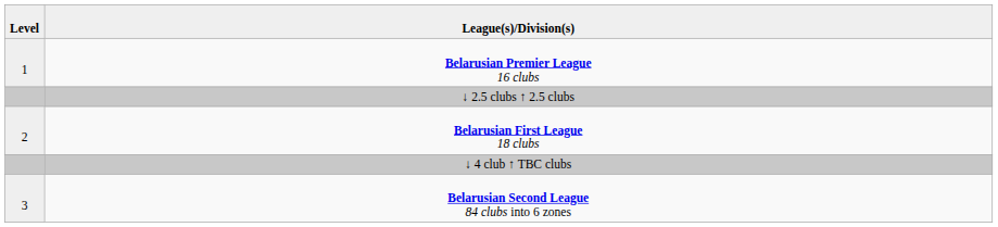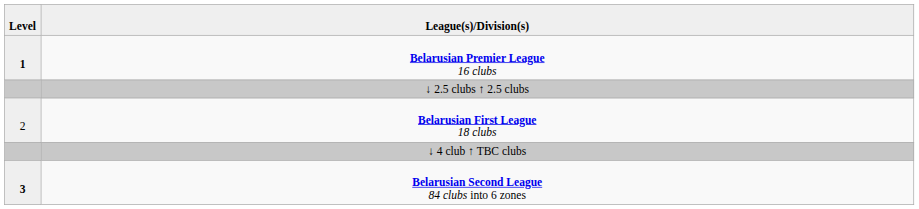 <table class="wikitable" style="text-align:center; width:100%;">
 <tr style="background:#efefef;">
 <td style="width:4%; text-align:center;"><br><strong>Level</strong></td>
 <td colspan="12"  style="width:96%; text-align:center;"><br><strong>League(s)/Division(s)</strong></td>
 </tr>
 <tr>
-<td style="text-align:center; width:4%; background:#efefef;"><br>1</td>
+<td style="text-align:center; width:4%; background:#efefef;"><strong><br>1</strong></td>
 <td colspan="12"  style="width:96%; text-align:center;"><br><strong><a href='#'>Belarusian Premier League</a></strong><br> <em>16 clubs</em><br></td>
 </tr>
 <tr style="background:#c8c8c8">
 <td style="width:4%;"></td>
 <td colspan="9" style="width:96%;">↓ 2.5 clubs ↑ 2.5 clubs</td>
 </tr>
 <tr>
 <td style="text-align:center; width:4%; background:#efefef;"><br>2</td>
 <td colspan="12"  style="width:96%; text-align:center;"><br><strong><a href='#'>Belarusian First League</a></strong><br> <em>18 clubs</em><br></td>
 </tr>
 <tr style="background:#c8c8c8">
 <td style="width:4%;"></td>
 <td colspan="9" style="width:96%;">↓ 4 club ↑ TBC clubs</td>
 </tr>
 <tr>
-<td style="text-align:center; width:4%; background:#efefef;"><br>3</td>
+<td style="text-align:center; width:4%; background:#efefef;"><strong><br>3</strong></td>
 <td colspan="12"  style="width:96%; text-align:center;"><br><strong><a href='#'>Belarusian Second League</a></strong><br> <em>84 clubs</em> into 6 zones <br></td>
 </tr>
 </table>
